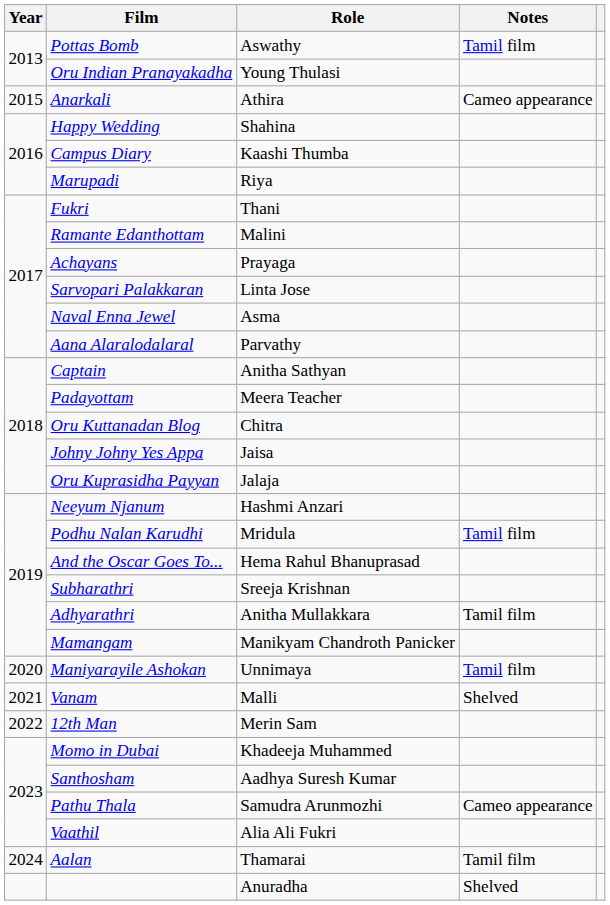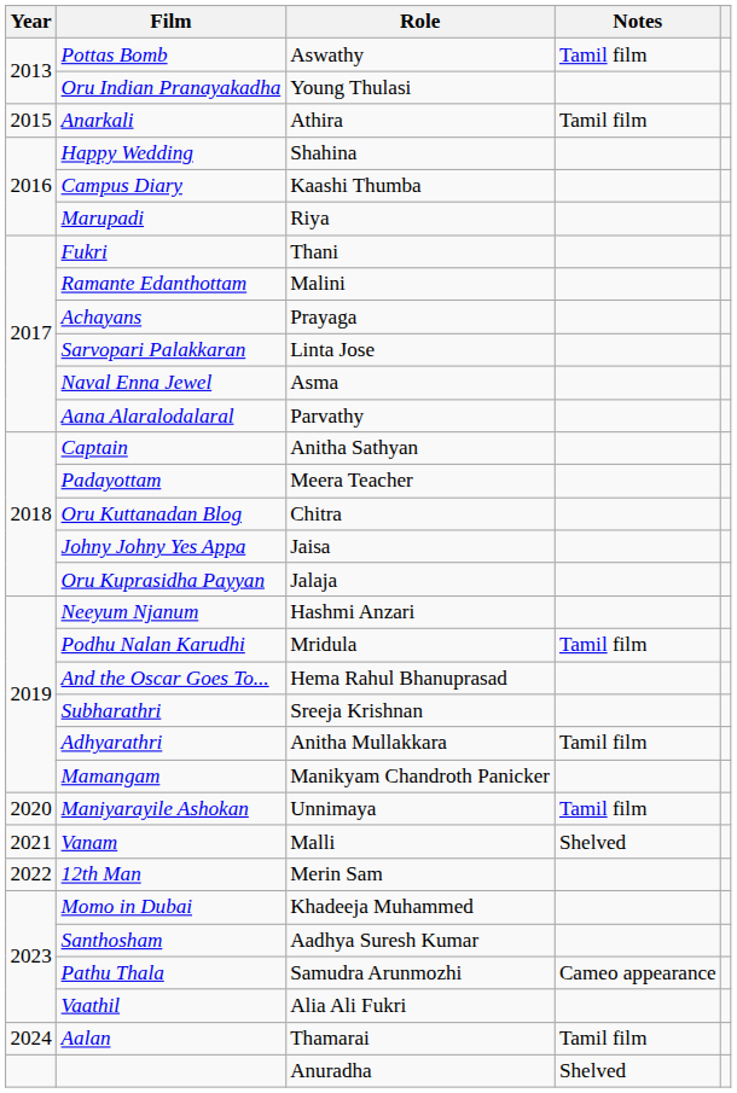 <table class="wikitable sortable">
 <tr>
 <th scope="col">Year</th>
 <th scope="col">Film</th>
 <th scope="col">Role</th>
 <th class="unsortable" scope="col">Notes</th>
 <th class="unsortable" scope="col"></th>
 </tr>
 <tr>
 <td rowspan="2">2013</td>
 <td><em><a href='#'>Pottas Bomb</a></em></td>
 <td>Aswathy</td>
 <td><a href='#'>Tamil</a> film</td>
 <td></td>
 </tr>
 <tr>
 <td><em><a href='#'>Oru Indian Pranayakadha</a></em></td>
 <td>Young Thulasi</td>
 <td></td>
 <td></td>
 </tr>
 <tr>
 <td>2015</td>
 <td><em><a href='#'>Anarkali</a></em></td>
 <td>Athira</td>
-<td>Cameo appearance</td>
+<td>Tamil film</td>
 <td></td>
 </tr>
 <tr>
 <td rowspan="3">2016</td>
 <td><em><a href='#'>Happy Wedding</a></em></td>
 <td>Shahina</td>
 <td></td>
 <td></td>
 </tr>
 <tr>
 <td><em><a href='#'>Campus Diary</a></em></td>
 <td>Kaashi Thumba</td>
 <td></td>
 <td></td>
 </tr>
 <tr>
 <td><em><a href='#'>Marupadi</a> </em></td>
 <td>Riya</td>
 <td></td>
 <td></td>
 </tr>
 <tr>
 <td rowspan="6">2017</td>
 <td><em><a href='#'>Fukri</a></em></td>
 <td>Thani</td>
 <td></td>
 <td></td>
 </tr>
 <tr>
 <td><em><a href='#'>Ramante Edanthottam</a></em></td>
 <td>Malini</td>
 <td></td>
 <td></td>
 </tr>
 <tr>
 <td><em><a href='#'>Achayans</a></em></td>
 <td>Prayaga</td>
 <td></td>
 <td></td>
 </tr>
 <tr>
 <td><em><a href='#'>Sarvopari Palakkaran</a></em></td>
 <td>Linta Jose</td>
 <td></td>
 <td></td>
 </tr>
 <tr>
 <td><em><a href='#'>Naval Enna Jewel</a></em></td>
 <td>Asma</td>
 <td></td>
 <td></td>
 </tr>
 <tr>
 <td><em><a href='#'>Aana Alaralodalaral</a></em></td>
 <td>Parvathy</td>
 <td></td>
 <td></td>
 </tr>
 <tr>
 <td rowspan="5">2018</td>
 <td><em><a href='#'>Captain</a></em></td>
 <td>Anitha Sathyan</td>
 <td></td>
 <td></td>
 </tr>
 <tr>
 <td><em><a href='#'>Padayottam</a></em></td>
 <td>Meera Teacher</td>
 <td></td>
 <td></td>
 </tr>
 <tr>
 <td><em><a href='#'>Oru Kuttanadan Blog</a></em></td>
 <td>Chitra</td>
 <td></td>
 <td></td>
 </tr>
 <tr>
 <td><em><a href='#'>Johny Johny Yes Appa</a></em></td>
 <td>Jaisa</td>
 <td></td>
 <td></td>
 </tr>
 <tr>
 <td><em><a href='#'>Oru Kuprasidha Payyan</a></em></td>
 <td>Jalaja</td>
 <td></td>
 <td></td>
 </tr>
 <tr>
 <td Rowspan="6">2019</td>
 <td><em><a href='#'>Neeyum Njanum</a></em></td>
 <td>Hashmi Anzari</td>
 <td></td>
 <td></td>
 </tr>
 <tr>
 <td><em><a href='#'>Podhu Nalan Karudhi</a></em></td>
 <td>Mridula</td>
 <td><a href='#'>Tamil</a> film</td>
 <td></td>
 </tr>
 <tr>
 <td><em><a href='#'>And the Oscar Goes To...</a></em></td>
 <td>Hema Rahul Bhanuprasad</td>
 <td></td>
 <td></td>
 </tr>
 <tr>
 <td><em><a href='#'>Subharathri</a></em></td>
 <td>Sreeja Krishnan</td>
 <td></td>
 <td></td>
 </tr>
 <tr>
 <td><em><a href='#'>Adhyarathri</a></em></td>
 <td>Anitha Mullakkara</td>
 <td>Tamil film</td>
 <td></td>
 </tr>
 <tr>
 <td><em><a href='#'>Mamangam</a></em></td>
 <td>Manikyam Chandroth Panicker</td>
 <td></td>
 <td></td>
 </tr>
 <tr>
 <td>2020</td>
 <td><em><a href='#'>Maniyarayile Ashokan</a></em></td>
 <td>Unnimaya</td>
 <td><a href='#'>Tamil</a> film</td>
 <td></td>
 </tr>
 <tr>
 <td>2021</td>
 <td><em><a href='#'>Vanam</a></em></td>
 <td>Malli</td>
 <td>Shelved</td>
 <td></td>
 </tr>
 <tr>
 <td>2022</td>
 <td><em><a href='#'>12th Man</a></em></td>
 <td>Merin Sam</td>
 <td></td>
 <td></td>
 </tr>
 <tr>
 <td rowspan="4">2023</td>
 <td><em><a href='#'>Momo in Dubai</a></em></td>
 <td>Khadeeja Muhammed</td>
 <td></td>
 <td></td>
 </tr>
 <tr>
 <td><em><a href='#'>Santhosham</a></em></td>
 <td>Aadhya Suresh Kumar</td>
 <td></td>
 <td></td>
 </tr>
 <tr>
 <td><em><a href='#'>Pathu Thala</a></em></td>
 <td>Samudra Arunmozhi</td>
 <td>Cameo appearance</td>
 <td></td>
 </tr>
 <tr>
 <td><em><a href='#'>Vaathil</a></em></td>
 <td>Alia Ali Fukri</td>
 <td></td>
 <td></td>
 </tr>
 <tr>
 <td>2024</td>
 <td><em><a href='#'>Aalan</a></em></td>
 <td>Thamarai</td>
 <td>Tamil film</td>
 <td></td>
 </tr>
 <tr>
 <td></td>
 <td></td>
 <td>Anuradha</td>
 <td>Shelved</td>
 <td><br>   </td>
 </tr>
 </table>
